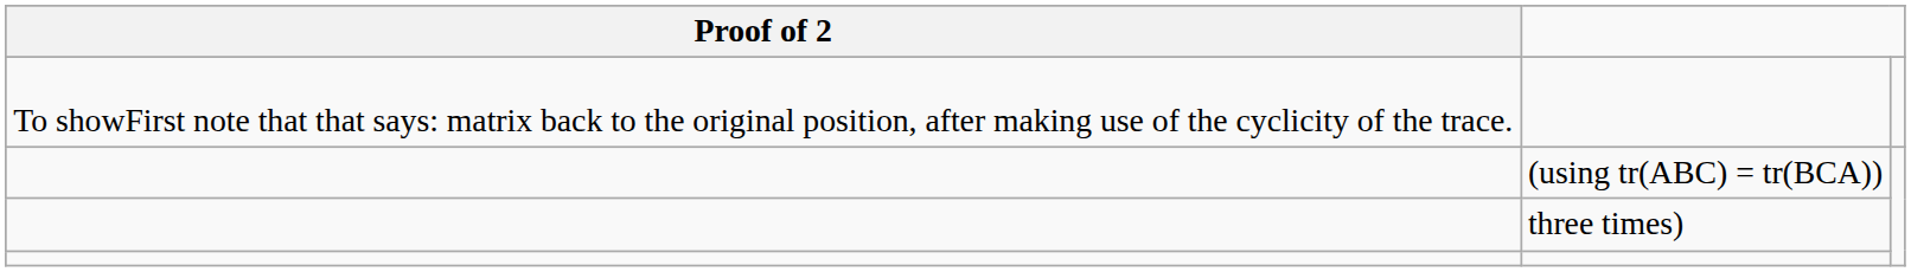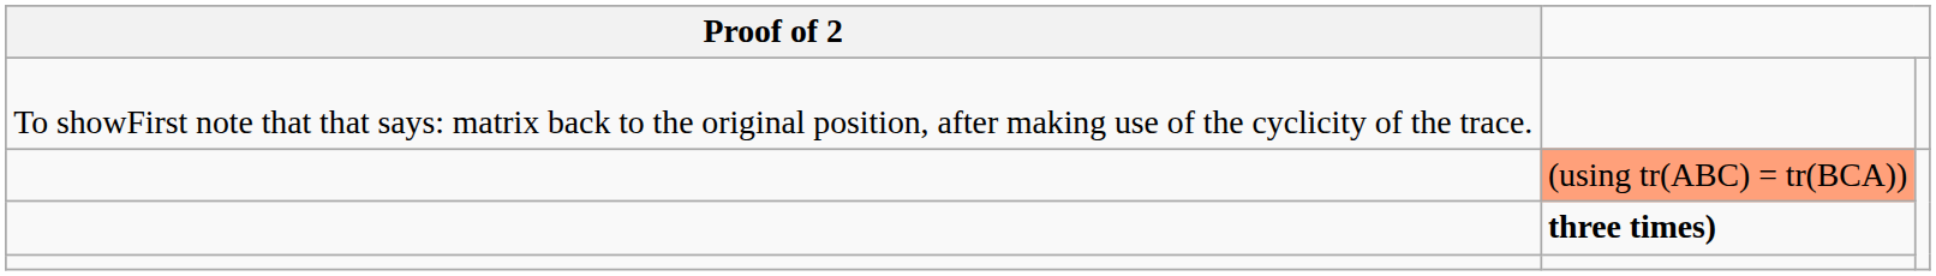 <table class="wikitable collapsible collapsed">
 <tr>
 <th>Proof of 2</th>
 </tr>
 <tr>
 <td><br>To showFirst note that that says: matrix back to the original position, after making use of the cyclicity of the trace.</td>
 <td></td>
 <td></td>
 </tr>
 <tr>
 <td></td>
-<td> (using tr(ABC) = tr(BCA))</td>
+<td style="background: lightsalmon;"> (using tr(ABC) = tr(BCA))</td>
 </tr>
 <tr>
 <td></td>
-<td> three times)</td>
+<td><strong> three times)</strong></td>
 </tr>
 <tr>
 <td></td>
 <td></td>
 </tr>
 </table>
